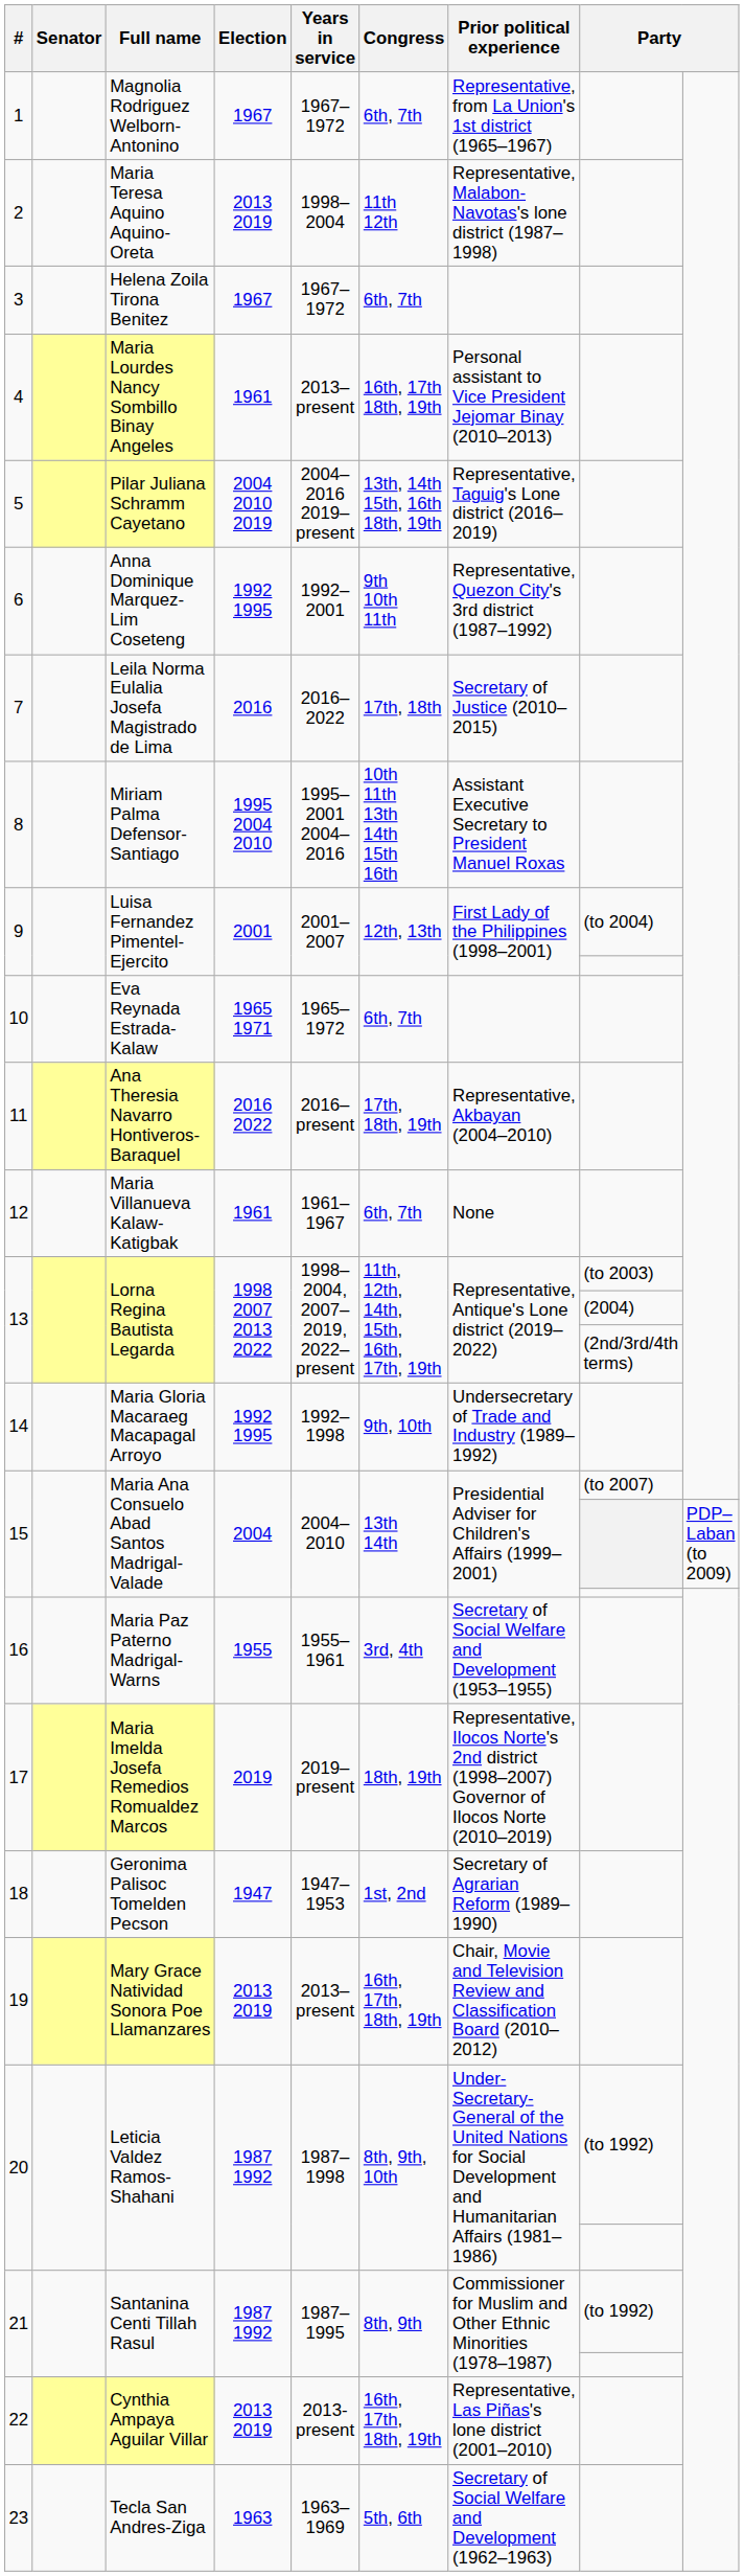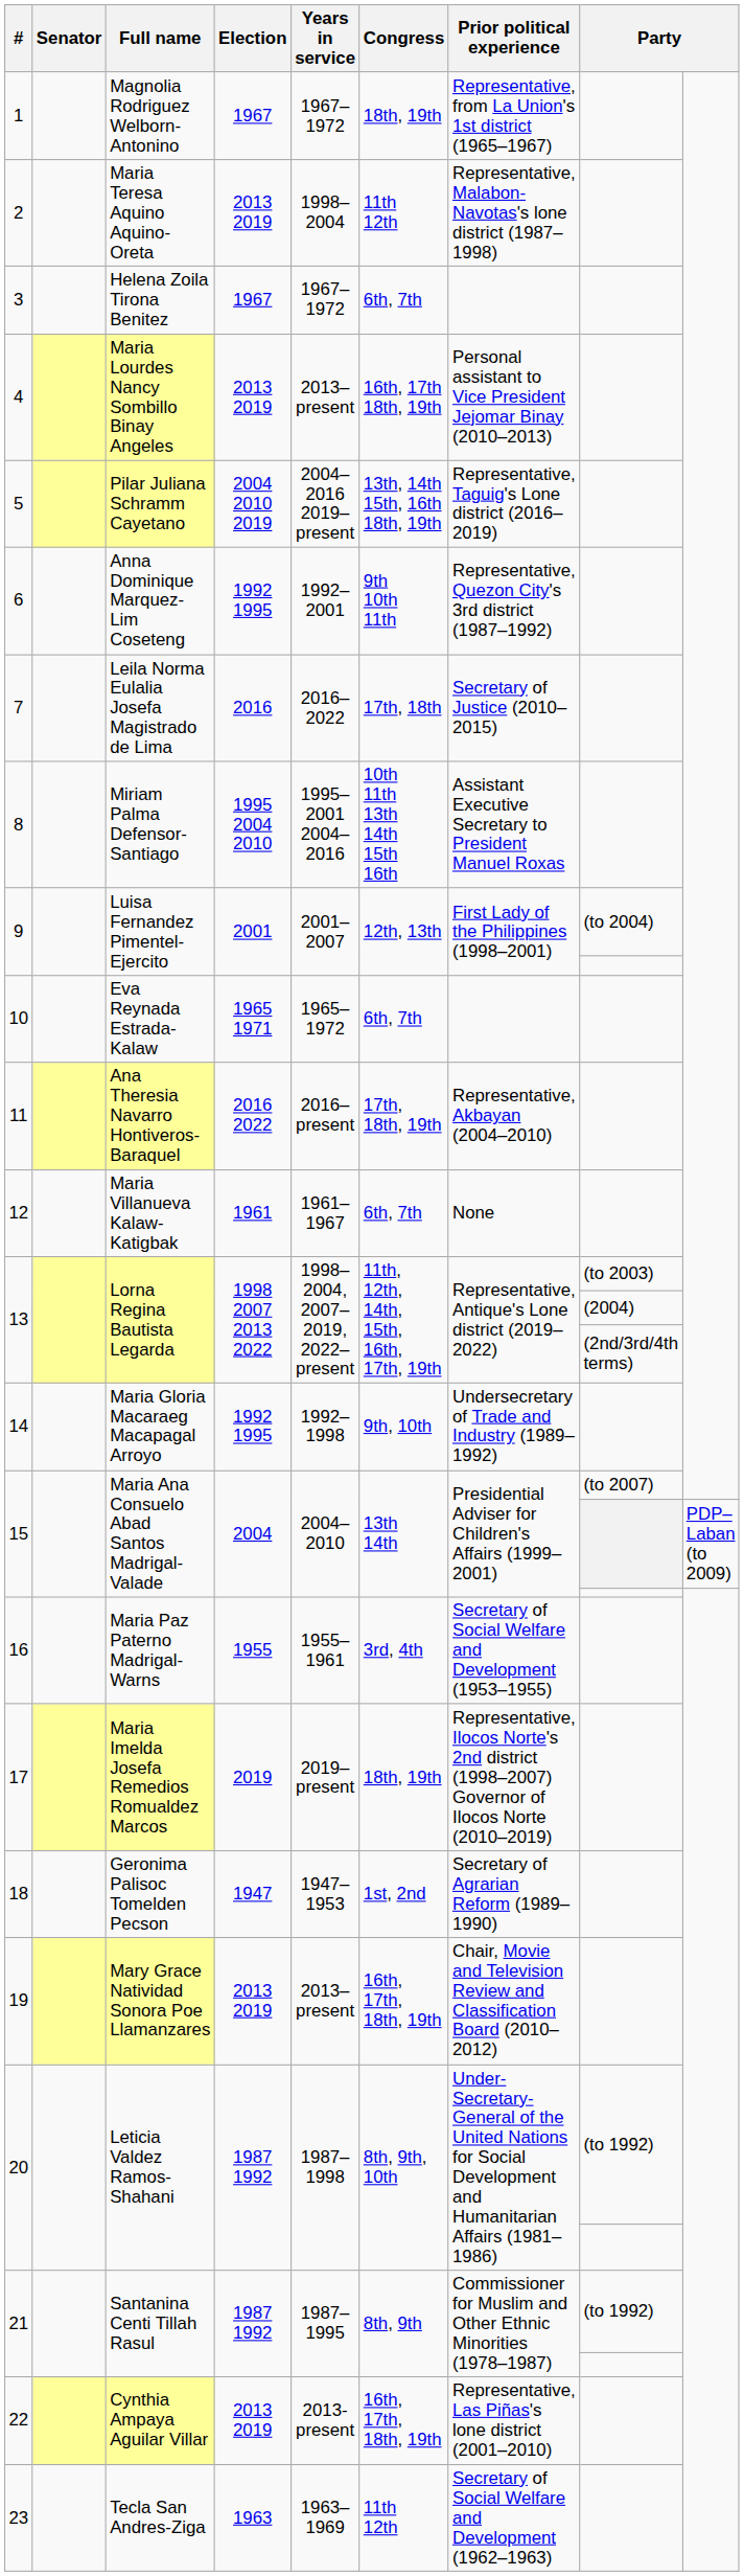 <table class="wikitable sortable">
 <tr>
 <th bgcolor="#e3e3e3">#</th>
 <th bgcolor="#e3e3e3">Senator</th>
 <th bgcolor="#e3e3e3" class="unsortable">Full name</th>
 <th bgcolor="#e3e3e3">Election</th>
 <th bgcolor="#e3e3e3">Years in service</th>
 <th bgcolor="#e3e3e3" class="unsortable">Congress</th>
 <th bgcolor="#e3e3e3" class="unsortable">Prior political experience</th>
 <th bgcolor="#e3e3e3" colspan=2>Party</th>
 </tr>
 <tr>
 <td align="center" scope="row">1</td>
 <td></td>
 <td>Magnolia Rodriguez Welborn-Antonino</td>
 <td align="center"><a href='#'>1967</a></td>
 <td align="center">1967–1972</td>
-<td><a href='#'>6th</a>, <a href='#'>7th</a></td>
+<td><a href='#'>18th</a>, <a href='#'>19th</a></td>
 <td><a href='#'>Representative</a>, from <a href='#'>La Union</a>'s <a href='#'>1st district</a> (1965–1967)</td>
 <td></td>
 </tr>
 <tr>
 <td align="center" scope="row">2</td>
 <td></td>
 <td>Maria Teresa Aquino Aquino-Oreta</td>
 <td align="center"><a href='#'>2013</a><br><a href='#'>2019</a></td>
 <td align="center">1998–2004</td>
 <td><a href='#'>11th</a><br><a href='#'>12th</a></td>
 <td>Representative, <a href='#'>Malabon-Navotas</a>'s lone district (1987–1998)</td>
 <td></td>
 </tr>
 <tr>
 <td align="center" scope="row">3</td>
 <td></td>
 <td>Helena Zoila Tirona Benitez</td>
 <td align="center"><a href='#'>1967</a></td>
 <td align="center">1967–1972</td>
 <td><a href='#'>6th</a>, <a href='#'>7th</a></td>
 <td></td>
 <td></td>
 </tr>
 <tr>
 <td align="center" scope="row">4</td>
 <td bgcolor="#FFFF99"><strong></strong></td>
 <td bgcolor="#FFFF99">Maria Lourdes Nancy Sombillo Binay Angeles</td>
-<td align="center"><a href='#'>1961</a></td>
+<td align="center"><a href='#'>2013</a><br><a href='#'>2019</a></td>
 <td align="center">2013–present</td>
 <td><a href='#'>16th</a>, <a href='#'>17th</a><br><a href='#'>18th</a>, <a href='#'>19th</a></td>
 <td>Personal assistant to <a href='#'>Vice President</a> <a href='#'>Jejomar Binay</a> (2010–2013)</td>
 <td></td>
 </tr>
 <tr>
 <td align="center" scope="row">5</td>
 <td bgcolor="#FFFF99"><strong></strong></td>
 <td bgcolor="#FFFF99">Pilar Juliana Schramm Cayetano</td>
 <td align="center"><a href='#'>2004</a><br><a href='#'>2010</a><br><a href='#'>2019</a></td>
 <td align="center">2004–2016<br>2019–present</td>
 <td><a href='#'>13th</a>, <a href='#'>14th</a><br><a href='#'>15th</a>, <a href='#'>16th</a><br><a href='#'>18th</a>, <a href='#'>19th</a></td>
 <td>Representative, <a href='#'>Taguig</a>'s Lone district (2016–2019)</td>
 <td></td>
 </tr>
 <tr>
 <td align="center" scope="row">6</td>
 <td></td>
 <td>Anna Dominique Marquez-Lim Coseteng</td>
 <td align="center"><a href='#'>1992</a><br><a href='#'>1995</a></td>
 <td align="center">1992–2001</td>
 <td><a href='#'>9th</a><br><a href='#'>10th</a><br><a href='#'>11th</a></td>
 <td>Representative, <a href='#'>Quezon City</a>'s 3rd district (1987–1992)</td>
 <td></td>
 </tr>
 <tr>
 <td align="center" scope="row">7</td>
 <td></td>
 <td>Leila Norma Eulalia Josefa Magistrado de Lima</td>
 <td align="center"><a href='#'>2016</a></td>
 <td align="center">2016–2022</td>
 <td><a href='#'>17th</a>, <a href='#'>18th</a></td>
 <td><a href='#'>Secretary</a> of <a href='#'>Justice</a> (2010–2015)</td>
 <td></td>
 </tr>
 <tr>
 <td align="center" scope="row">8</td>
 <td></td>
 <td>Miriam Palma Defensor-Santiago</td>
 <td align="center"><a href='#'>1995</a><br><a href='#'>2004</a><br><a href='#'>2010</a></td>
 <td align="center">1995–2001<br>2004–2016</td>
 <td><a href='#'>10th</a><br><a href='#'>11th</a><br><a href='#'>13th</a><br><a href='#'>14th</a><br><a href='#'>15th</a><br><a href='#'>16th</a></td>
 <td>Assistant Executive Secretary to <a href='#'>President</a> <a href='#'>Manuel Roxas</a></td>
 <td></td>
 </tr>
 <tr>
 <td rowspan=2 align="center" scope="row">9</td>
 <td rowspan=2></td>
 <td rowspan=2>Luisa Fernandez Pimentel-Ejercito</td>
 <td rowspan=2 align="center"><a href='#'>2001</a></td>
 <td rowspan=2 align="center">2001–2007</td>
 <td rowspan=2><a href='#'>12th</a>, <a href='#'>13th</a></td>
 <td rowspan=2><a href='#'>First Lady of the Philippines</a> (1998–2001)</td>
 <td> (to 2004)</td>
 </tr>
 <tr>
 <td></td>
 </tr>
 <tr>
 <td align="center" scope="row">10</td>
 <td></td>
 <td>Eva Reynada Estrada-Kalaw</td>
 <td align="center"><a href='#'>1965</a><br><a href='#'>1971</a></td>
 <td align="center">1965–1972</td>
 <td><a href='#'>6th</a>, <a href='#'>7th</a></td>
 <td></td>
 <td></td>
 </tr>
 <tr>
 <td align="center" scope="row">11</td>
 <td bgcolor="#FFFF99"><strong></strong></td>
 <td bgcolor="#FFFF99">Ana Theresia Navarro Hontiveros-Baraquel</td>
 <td align="center"><a href='#'>2016</a><br><a href='#'>2022</a></td>
 <td align="center">2016–present</td>
 <td><a href='#'>17th</a>, <a href='#'>18th</a>, <a href='#'>19th</a></td>
 <td>Representative, <a href='#'>Akbayan</a> (2004–2010)</td>
 <td></td>
 </tr>
 <tr>
 <td align="center" scope="row">12</td>
 <td></td>
 <td>Maria Villanueva Kalaw-Katigbak</td>
 <td align="center"><a href='#'>1961</a></td>
 <td align="center">1961–1967</td>
 <td><a href='#'>6th</a>, <a href='#'>7th</a></td>
 <td>None</td>
 <td></td>
 </tr>
 <tr>
 <td rowspan=3 align="center" scope="row">13</td>
 <td rowspan=3 bgcolor="#FFFF99"><strong></strong></td>
 <td rowspan=3 bgcolor="#FFFF99">Lorna Regina Bautista Legarda</td>
 <td rowspan=3 align="center"><a href='#'>1998</a><br><a href='#'>2007</a><br><a href='#'>2013</a><br><a href='#'>2022</a></td>
 <td rowspan=3 align="center">1998–2004,<br>2007–2019,<br>2022–present</td>
 <td rowspan=3><a href='#'>11th</a>, <a href='#'>12th</a>, <a href='#'>14th</a>, <a href='#'>15th</a>,<br><a href='#'>16th</a>, <a href='#'>17th</a>, <a href='#'>19th</a></td>
 <td rowspan=3>Representative, Antique's Lone district (2019–2022)</td>
 <td> (to 2003)</td>
 </tr>
 <tr>
 <td> (2004)</td>
 </tr>
 <tr>
 <td> (2nd/3rd/4th terms)</td>
 </tr>
 <tr>
 <td align="center" scope="row">14</td>
 <td></td>
 <td>Maria Gloria Macaraeg Macapagal Arroyo</td>
 <td align="center"><a href='#'>1992</a><br><a href='#'>1995</a></td>
 <td align="center">1992–1998</td>
 <td><a href='#'>9th</a>, <a href='#'>10th</a></td>
 <td>Undersecretary of <a href='#'>Trade and Industry</a> (1989–1992)</td>
 <td></td>
 </tr>
 <tr>
 <td rowspan=3 align="center" scope="row">15</td>
 <td rowspan=3></td>
 <td rowspan=3>Maria Ana Consuelo Abad Santos Madrigal-Valade</td>
 <td rowspan=3 align="center"><a href='#'>2004</a></td>
 <td rowspan=3 align="center">2004–2010</td>
 <td rowspan=3><a href='#'>13th</a><br><a href='#'>14th</a></td>
 <td rowspan=3>Presidential Adviser for Children's Affairs (1999–2001)</td>
 <td> (to 2007)</td>
 </tr>
 <tr>
 <th style="background-color: "></th>
 <td><a href='#'>PDP–Laban</a> (to 2009)</td>
 </tr>
 <tr>
 <td></td>
 </tr>
 <tr>
 <td align="center" scope="row">16</td>
 <td></td>
 <td>Maria Paz Paterno Madrigal-Warns</td>
 <td align="center"><a href='#'>1955</a></td>
 <td align="center">1955–1961</td>
 <td><a href='#'>3rd</a>, <a href='#'>4th</a></td>
 <td><a href='#'>Secretary</a> of <a href='#'>Social Welfare and Development</a> (1953–1955)</td>
 <td></td>
 </tr>
 <tr>
 <td align="center" scope="row">17</td>
 <td bgcolor="#FFFF99"><strong></strong></td>
 <td bgcolor="#FFFF99">Maria Imelda Josefa Remedios Romualdez Marcos</td>
 <td align="center"><a href='#'>2019</a></td>
 <td align="center">2019–present</td>
 <td><a href='#'>18th</a>, <a href='#'>19th</a></td>
 <td>Representative, <a href='#'>Ilocos Norte</a>'s <a href='#'>2nd</a> district (1998–2007) <br>Governor of Ilocos Norte (2010–2019)</td>
 <td></td>
 </tr>
 <tr>
 <td align="center" scope="row">18</td>
 <td></td>
 <td>Geronima Palisoc Tomelden Pecson</td>
 <td align="center"><a href='#'>1947</a></td>
 <td align="center">1947–1953</td>
 <td><a href='#'>1st</a>, <a href='#'>2nd</a></td>
 <td>Secretary of <a href='#'>Agrarian Reform</a> (1989–1990)</td>
 <td></td>
 </tr>
 <tr>
 <td align="center" scope="row">19</td>
 <td bgcolor="#FFFF99"><strong></strong></td>
 <td bgcolor="#FFFF99">Mary Grace Natividad Sonora Poe Llamanzares</td>
 <td align="center"><a href='#'>2013</a><br><a href='#'>2019</a></td>
 <td align="center">2013–present</td>
 <td><a href='#'>16th</a>, <a href='#'>17th</a>,<br><a href='#'>18th</a>, <a href='#'>19th</a></td>
 <td>Chair, <a href='#'>Movie and Television Review and Classification Board</a> (2010–2012)</td>
 <td></td>
 </tr>
 <tr>
 <td rowspan=2 align="center" scope="row">20</td>
 <td rowspan=2></td>
 <td rowspan=2>Leticia Valdez Ramos-Shahani</td>
 <td rowspan=2 align="center"><a href='#'>1987</a><br><a href='#'>1992</a></td>
 <td rowspan=2 align="center">1987–1998</td>
 <td rowspan=2><a href='#'>8th</a>, <a href='#'>9th</a>, <a href='#'>10th</a></td>
 <td rowspan=2><a href='#'>Under-Secretary-General of the United Nations</a> for Social Development and Humanitarian Affairs (1981–1986)</td>
 <td> (to 1992)</td>
 </tr>
 <tr>
 <td></td>
 </tr>
 <tr>
 <td rowspan=2 align="center" scope="row">21</td>
 <td rowspan=2></td>
 <td rowspan=2>Santanina Centi Tillah Rasul</td>
 <td rowspan=2 align="center"><a href='#'>1987</a><br><a href='#'>1992</a></td>
 <td rowspan=2 align="center">1987–1995</td>
 <td rowspan=2><a href='#'>8th</a>, <a href='#'>9th</a></td>
 <td rowspan=2>Commissioner for Muslim and Other Ethnic Minorities (1978–1987)</td>
 <td> (to 1992)</td>
 </tr>
 <tr>
 <td></td>
 </tr>
 <tr>
 <td align="center" scope="row">22</td>
 <td bgcolor="#FFFF99"><strong></strong></td>
 <td bgcolor="#FFFF99">Cynthia Ampaya Aguilar Villar</td>
 <td align="center"><a href='#'>2013</a><br><a href='#'>2019</a></td>
 <td align="center">2013-present</td>
 <td><a href='#'>16th</a>, <a href='#'>17th</a>,<br><a href='#'>18th</a>, <a href='#'>19th</a></td>
 <td>Representative, <a href='#'>Las Piñas</a>'s lone district (2001–2010)</td>
 <td></td>
 </tr>
 <tr>
 <td align="center" scope="row">23</td>
 <td></td>
 <td>Tecla San Andres-Ziga</td>
 <td align="center"><a href='#'>1963</a></td>
 <td align="center">1963–1969</td>
-<td><a href='#'>5th</a>, <a href='#'>6th</a></td>
+<td><a href='#'>11th</a><br><a href='#'>12th</a></td>
 <td><a href='#'>Secretary</a> of <a href='#'>Social Welfare and Development</a> (1962–1963)</td>
 <td></td>
 </tr>
 </table>
